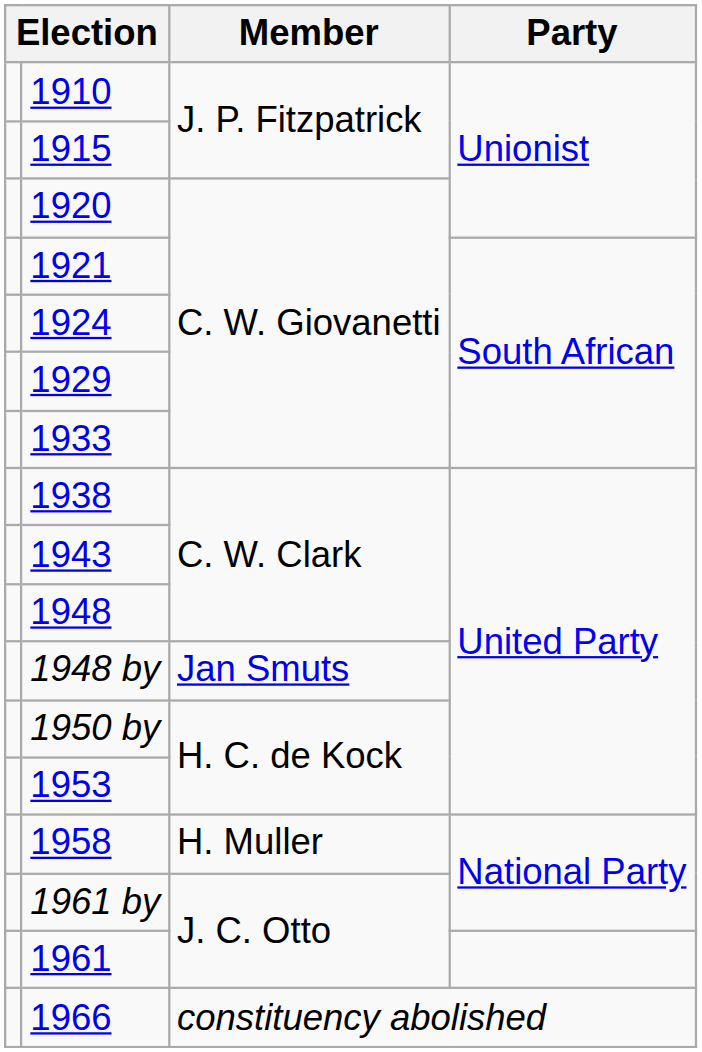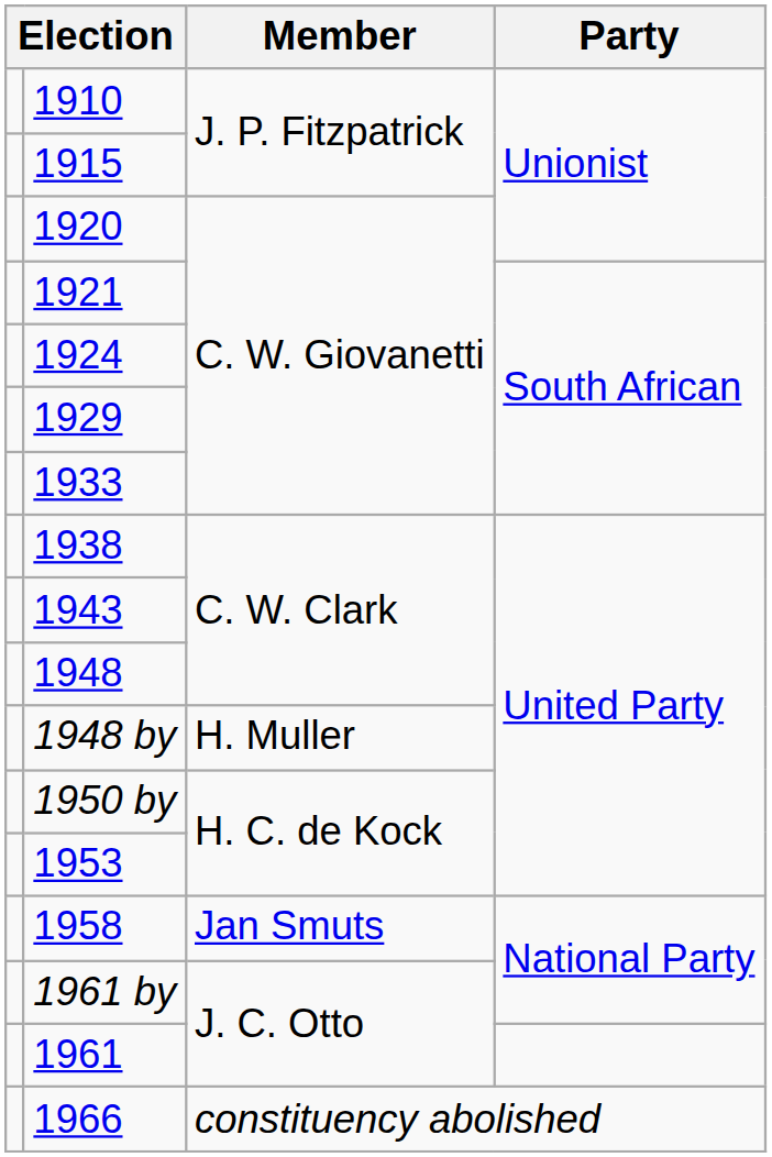 <table class="wikitable">
 <tr>
 <th colspan="2">Election</th>
 <th>Member</th>
 <th>Party</th>
 </tr>
 <tr>
 <td style="background-color: "></td>
 <td><a href='#'>1910</a></td>
 <td rowspan="2">J. P. Fitzpatrick</td>
 <td rowspan="3"><a href='#'>Unionist</a></td>
 </tr>
 <tr>
 <td style="background-color: "></td>
 <td><a href='#'>1915</a></td>
 </tr>
 <tr>
 <td style="background-color: "></td>
 <td><a href='#'>1920</a></td>
 <td rowspan="5">C. W. Giovanetti</td>
 </tr>
 <tr>
 <td style="background-color: "></td>
 <td><a href='#'>1921</a></td>
 <td rowspan="4"><a href='#'>South African</a></td>
 </tr>
 <tr>
 <td style="background-color: "></td>
 <td><a href='#'>1924</a></td>
 </tr>
 <tr>
 <td style="background-color: "></td>
 <td><a href='#'>1929</a></td>
 </tr>
 <tr>
 <td style="background-color: "></td>
 <td><a href='#'>1933</a></td>
 </tr>
 <tr>
 <td style="background-color: "></td>
 <td><a href='#'>1938</a></td>
 <td rowspan="3">C. W. Clark</td>
 <td rowspan="6"><a href='#'>United Party</a></td>
 </tr>
 <tr>
 <td style="background-color: "></td>
 <td><a href='#'>1943</a></td>
 </tr>
 <tr>
 <td style="background-color: "></td>
 <td><a href='#'>1948</a></td>
 </tr>
 <tr>
 <td style="background-color: "></td>
 <td><em>1948 by</em></td>
-<td><a href='#'>Jan Smuts</a></td>
+<td>H. Muller</td>
 </tr>
 <tr>
 <td style="background-color: "></td>
 <td><em>1950 by</em></td>
 <td rowspan="2">H. C. de Kock</td>
 </tr>
 <tr>
 <td style="background-color: "></td>
 <td><a href='#'>1953</a></td>
 </tr>
 <tr>
 <td style="background-color: "></td>
 <td><a href='#'>1958</a></td>
-<td>H. Muller</td>
+<td><a href='#'>Jan Smuts</a></td>
 <td rowspan="2"><a href='#'>National Party</a></td>
 </tr>
 <tr>
 <td style="background-color: "></td>
 <td><em>1961 by</em></td>
 <td rowspan="2">J. C. Otto</td>
 </tr>
 <tr>
 <td style="background-color: "></td>
 <td><a href='#'>1961</a></td>
 </tr>
 <tr>
 <td style="background-color: "></td>
 <td><a href='#'>1966</a></td>
 <td colspan="2"><em>constituency abolished</em></td>
 </tr>
 <tr>
 </tr>
 </table>
